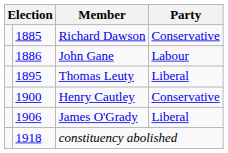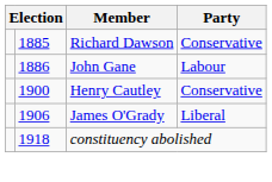 <table class="wikitable">
 <tr>
 <th colspan="2">Election</th>
 <th>Member</th>
 <th>Party</th>
 </tr>
 <tr>
 <td style="color:inherit;background-color: "></td>
 <td><a href='#'>1885</a></td>
 <td><a href='#'>Richard Dawson</a></td>
 <td><a href='#'>Conservative</a></td>
 </tr>
 <tr>
 <td style="color:inherit;background-color: "></td>
 <td><a href='#'>1886</a></td>
 <td><a href='#'>John Gane</a></td>
 <td><a href='#'>Labour</a></td>
 </tr>
 <tr>
 <td style="color:inherit;background-color: "></td>
-<td><a href='#'>1895</a></td>
-<td><a href='#'>Thomas Leuty</a></td>
-<td><a href='#'>Liberal</a></td>
-</tr>
-<tr>
-<td style="color:inherit;background-color: "></td>
 <td><a href='#'>1900</a></td>
 <td><a href='#'>Henry Cautley</a></td>
 <td><a href='#'>Conservative</a></td>
 </tr>
 <tr>
 <td style="color:inherit;background-color: "></td>
 <td><a href='#'>1906</a></td>
 <td><a href='#'>James O'Grady</a></td>
 <td><a href='#'>Liberal</a></td>
 </tr>
 <tr>
 <td></td>
 <td><a href='#'>1918</a></td>
 <td colspan="2"><em>constituency abolished</em></td>
 </tr>
 </table>
